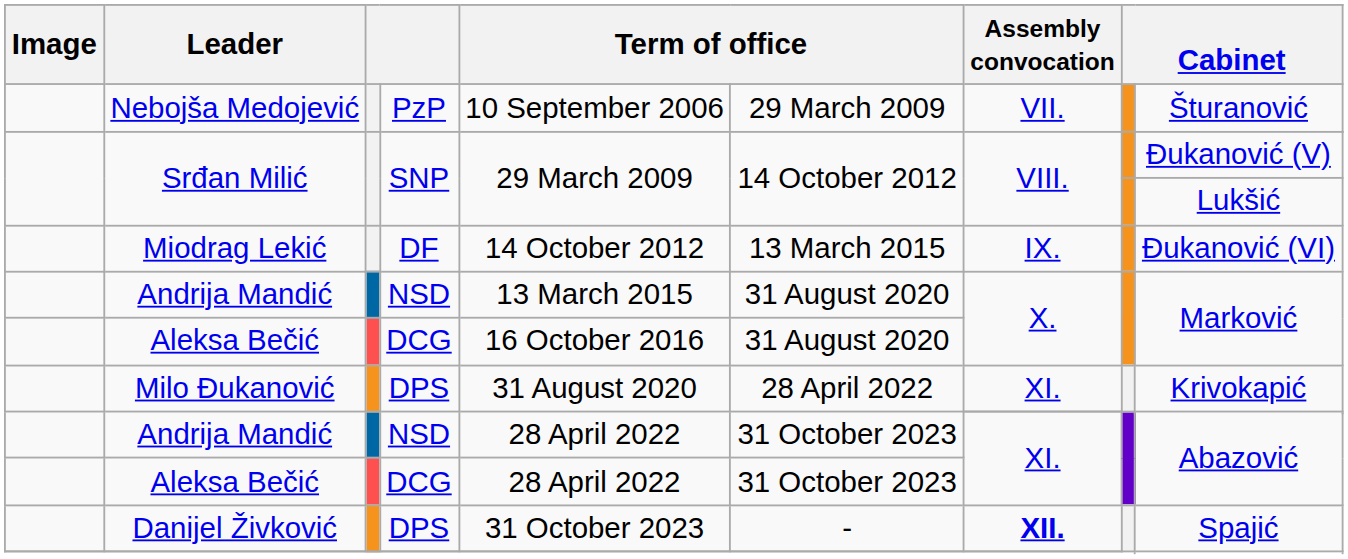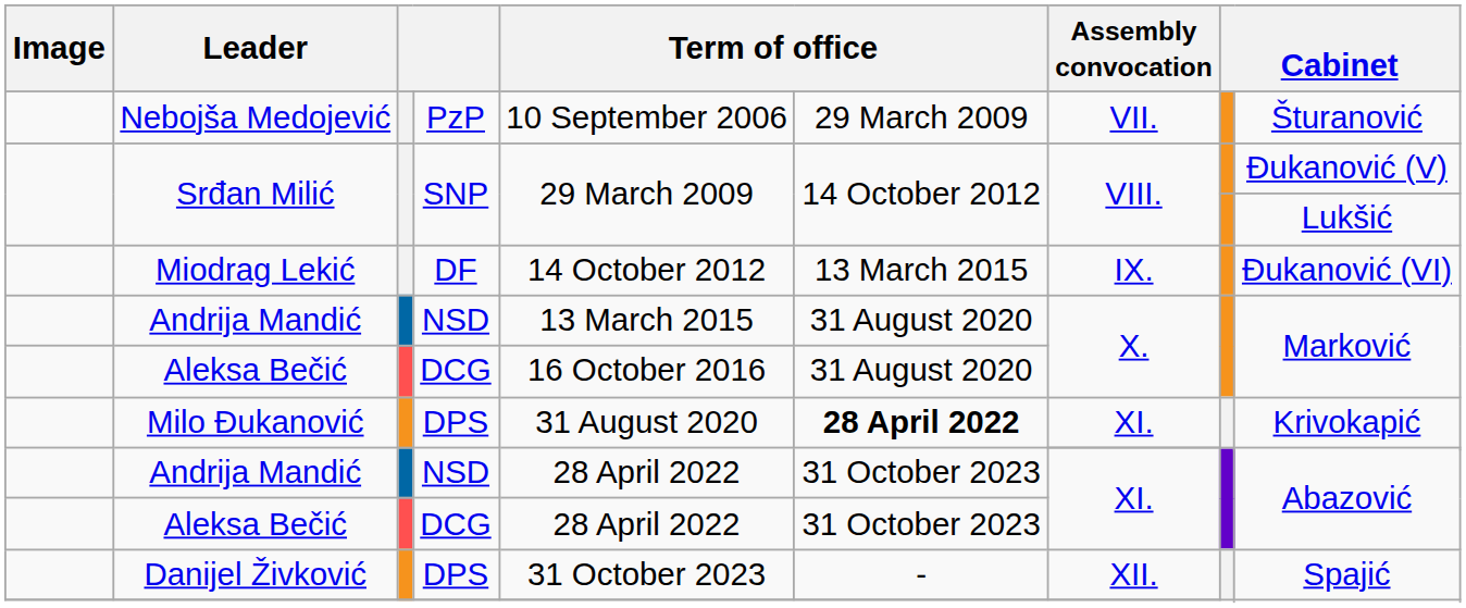 <table class="wikitable" style="text-align:center;">
 <tr>
 <th>Image</th>
 <th>Leader<br></th>
 <th colspan=2></th>
 <th colspan=2>Term of office</th>
 <th><small>Assembly<br>convocation</small></th>
 <th colspan=2><a href='#'><br>Cabinet</a></th>
 </tr>
 <tr>
 <td rowspan=2></td>
 <td rowspan=2><a href='#'>Nebojša Medojević</a><br></td>
 <th rowspan=2 style="background:"></th>
 <td rowspan=2><a href='#'>PzP</a></td>
 <td rowspan=2>10 September 2006</td>
 <td rowspan=2>29 March 2009</td>
 <td rowspan=2><a href='#'>VII.<br></a></td>
 <th style="background:#F6931D; color:white;"></th>
 <td><a href='#'>Šturanović</a></td>
 </tr>
 <tr>
 <th rowspan=2 style="background:#F6931D; color:white;"></th>
 <td rowspan=2><a href='#'>Đukanović (V)</a></td>
 </tr>
 <tr>
 <td rowspan=2></td>
 <td rowspan=2><a href='#'>Srđan Milić</a><br></td>
 <th rowspan=2 style="background:"></th>
 <td rowspan=2><a href='#'>SNP</a></td>
 <td rowspan=2>29 March 2009</td>
 <td rowspan=2>14 October 2012</td>
 <td rowspan=2><a href='#'>VIII.<br></a></td>
 </tr>
 <tr>
 <th style="background:#F6931D; color:white;"></th>
 <td><a href='#'>Lukšić</a></td>
 </tr>
 <tr>
 <td></td>
 <td><a href='#'>Miodrag Lekić</a><br></td>
 <th style="background:"></th>
 <td><a href='#'>DF</a></td>
 <td>14 October 2012</td>
 <td>13 March 2015</td>
 <td rowspan=2><a href='#'>IX.<br></a></td>
 <th rowspan=2 style="background:#F6931D; color:white;"></th>
 <td rowspan=2><a href='#'>Đukanović (VI)</a></td>
 </tr>
 <tr>
 <td rowspan=2></td>
 <td rowspan=2><a href='#'>Andrija Mandić</a><br></td>
 <th rowspan=2 style="background:#0067A5; color:white;"></th>
 <td rowspan=2><a href='#'>NSD</a><br></td>
 <td rowspan=2>13 March 2015</td>
 <td rowspan=2>31 August 2020</td>
 </tr>
 <tr>
 <td rowspan=2><a href='#'>X.<br></a></td>
 <th rowspan=2  style="background:#F6931D; color:white;"></th>
 <td rowspan=2><a href='#'>Marković</a></td>
 </tr>
 <tr>
 <td></td>
 <td><a href='#'>Aleksa Bečić</a><br></td>
 <th style="background:#ff5050; color:white;"></th>
 <td><a href='#'>DCG</a></td>
 <td>16 October 2016</td>
 <td>31 August 2020</td>
 </tr>
 <tr>
 <td></td>
 <td><a href='#'>Milo Đukanović</a><br></td>
 <th style="background:#F6931D; color:white;"></th>
 <td><a href='#'>DPS</a></td>
 <td>31 August 2020</td>
-<td>28 April 2022</td>
+<td><strong>28 April 2022</strong></td>
 <td><a href='#'>XI.<br></a></td>
 <th rowspan=2 style="background:"></th>
 <td rowspan=2><a href='#'>Krivokapić</a></td>
 </tr>
 <tr>
 <td rowspan=2></td>
 <td rowspan=2><a href='#'>Andrija Mandić</a><br></td>
 <th rowspan=2 style="background:#0067A5; color:white;"></th>
 <td rowspan=2><a href='#'>NSD</a><br></td>
 <td rowspan=2>28 April 2022</td>
 <td rowspan=2>31 October 2023</td>
 </tr>
 <tr>
 <td rowspan=2><a href='#'>XI.<br></a></td>
 <th rowspan=2  style="background:#6200c9; color:white;"></th>
 <td rowspan=2><a href='#'>Abazović</a></td>
 </tr>
 <tr>
 <td></td>
 <td><a href='#'>Aleksa Bečić</a><br></td>
 <th style="background:#ff5050; color:white;"></th>
 <td><a href='#'>DCG</a></td>
 <td>28 April 2022</td>
 <td>31 October 2023</td>
 </tr>
 <tr>
 <td></td>
 <td><a href='#'>Danijel Živković</a><br></td>
 <th style="background:#F6931D; color:white;"></th>
 <td><a href='#'>DPS</a></td>
 <td>31 October 2023</td>
 <td>-</td>
-<td><strong><a href='#'>XII.<br></a></strong></td>
+<td><a href='#'>XII.<br></a></td>
 <th rowspan=2 style="background:"></th>
 <td rowspan=2><a href='#'>Spajić</a></td>
 </tr>
 <tr>
 </tr>
 </table>
